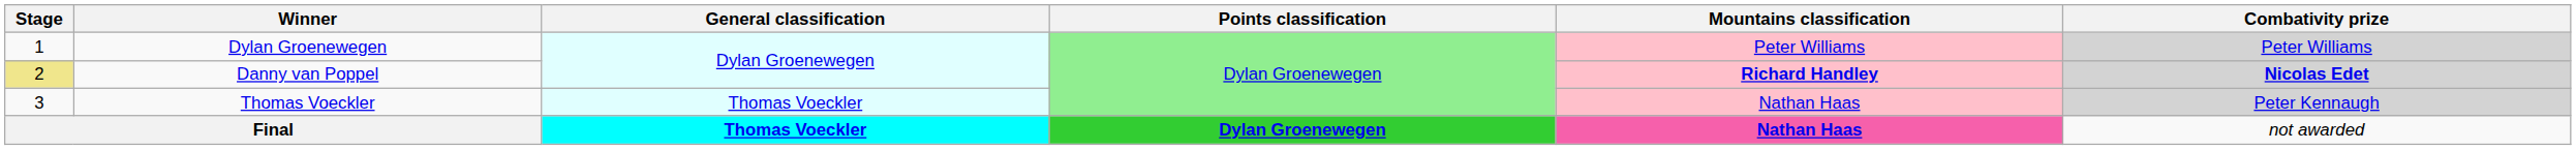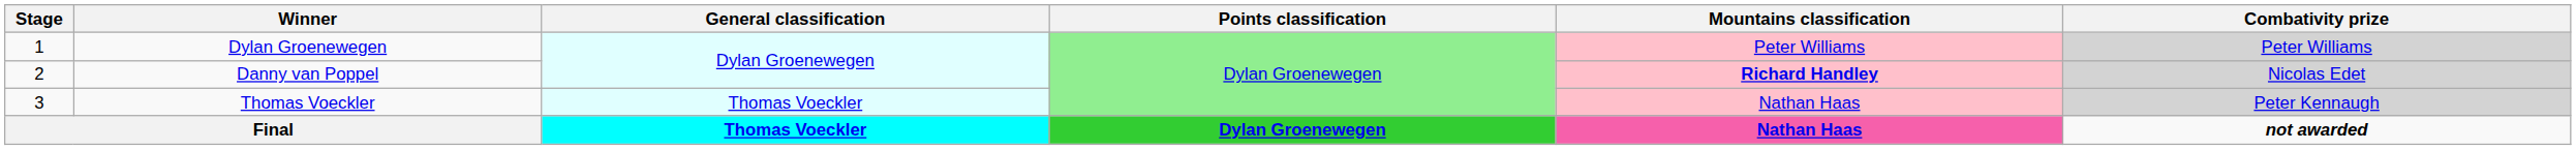 <table class=wikitable style="text-align: center; font-size:smaller;">
 <tr>
 <th style="width:1%;">Stage</th>
 <th style="width:12%;">Winner</th>
 <th style="width:13%;">General classification<br></th>
 <th style="width:13%;">Points classification<br></th>
 <th style="width:13%;">Mountains classification<br></th>
 <th style="width:13%;">Combativity prize<br></th>
 </tr>
 <tr>
 <td>1</td>
 <td><a href='#'>Dylan Groenewegen</a></td>
 <td style="background:lightcyan;" rowspan=2><a href='#'>Dylan Groenewegen</a></td>
 <td style="background:lightgreen;" rowspan=3><a href='#'>Dylan Groenewegen</a></td>
 <td style="background:pink;"><a href='#'>Peter Williams</a></td>
 <td style="background:lightgray;"><a href='#'>Peter Williams</a></td>
 </tr>
 <tr>
-<td style="background: khaki;">2</td>
+<td>2</td>
 <td><a href='#'>Danny van Poppel</a></td>
 <td style="background:pink;"><strong><a href='#'>Richard Handley</a></strong></td>
-<td style="background:lightgray;"><strong><a href='#'>Nicolas Edet</a></strong></td>
+<td style="background:lightgray;"><a href='#'>Nicolas Edet</a></td>
 </tr>
 <tr>
 <td>3</td>
 <td><a href='#'>Thomas Voeckler</a></td>
 <td style="background:lightcyan;"><a href='#'>Thomas Voeckler</a></td>
 <td style="background:pink;"><a href='#'>Nathan Haas</a></td>
 <td style="background:lightgray;"><a href='#'>Peter Kennaugh</a></td>
 </tr>
 <tr>
 <th colspan=2>Final</th>
 <th style="background:cyan;"><a href='#'>Thomas Voeckler</a></th>
 <th style="background:limegreen;"><a href='#'>Dylan Groenewegen</a></th>
 <th style="background:#F660AB;"><a href='#'>Nathan Haas</a></th>
-<td><em>not awarded</em></td>
+<td><strong><em>not awarded</em></strong></td>
 </tr>
 </table>
